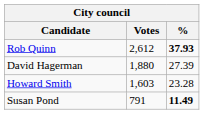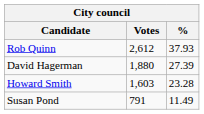 <table class="wikitable">
 <tr>
 <th colspan="3">City council</th>
 </tr>
 <tr>
 <th style="width: 170px">Candidate</th>
 <th style="width: 50px">Votes</th>
 <th style="width: 40px">%</th>
 </tr>
 <tr>
 <td><a href='#'>Rob Quinn</a></td>
 <td>2,612</td>
-<td><strong>37.93</strong></td>
+<td>37.93</td>
 </tr>
 <tr>
 <td>David Hagerman</td>
 <td>1,880</td>
 <td>27.39</td>
 </tr>
 <tr>
 <td><a href='#'>Howard Smith</a></td>
 <td>1,603</td>
 <td>23.28</td>
 </tr>
 <tr>
 <td>Susan Pond</td>
 <td>791</td>
-<td><strong>11.49</strong></td>
+<td>11.49</td>
 </tr>
 </table>
